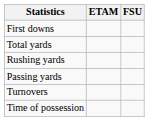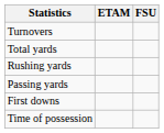 <table class="wikitable" style="float:left">
 <tr>
 <th>Statistics</th>
 <th>ETAM</th>
 <th>FSU</th>
 </tr>
 <tr>
-<td>First downs</td>
+<td>Turnovers</td>
 <td></td>
 <td></td>
 </tr>
 <tr>
 <td>Total yards</td>
 <td></td>
 <td></td>
 </tr>
 <tr>
 <td>Rushing yards</td>
 <td></td>
 <td></td>
 </tr>
 <tr>
 <td>Passing yards</td>
 <td></td>
 <td></td>
 </tr>
 <tr>
-<td>Turnovers</td>
+<td>First downs</td>
 <td></td>
 <td></td>
 </tr>
 <tr>
 <td>Time of possession</td>
 <td></td>
 <td></td>
 </tr>
 </table>
